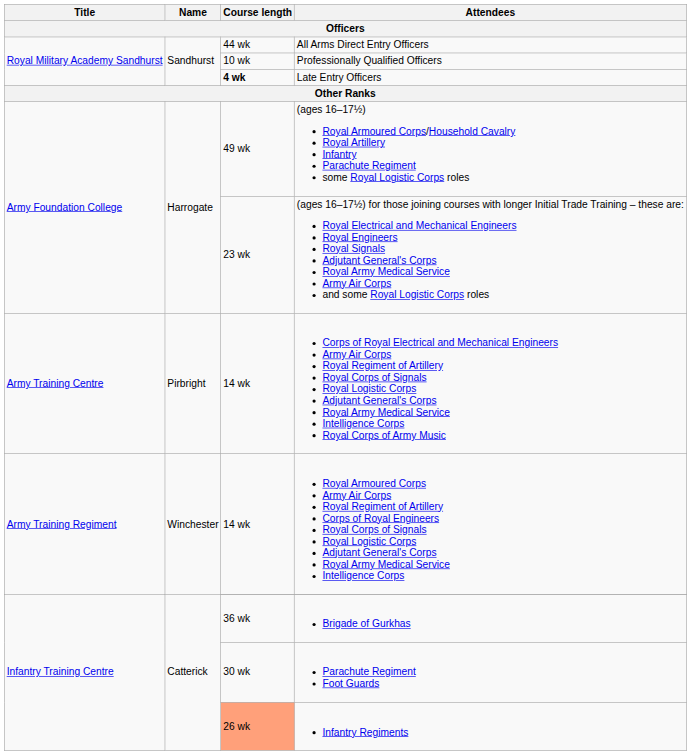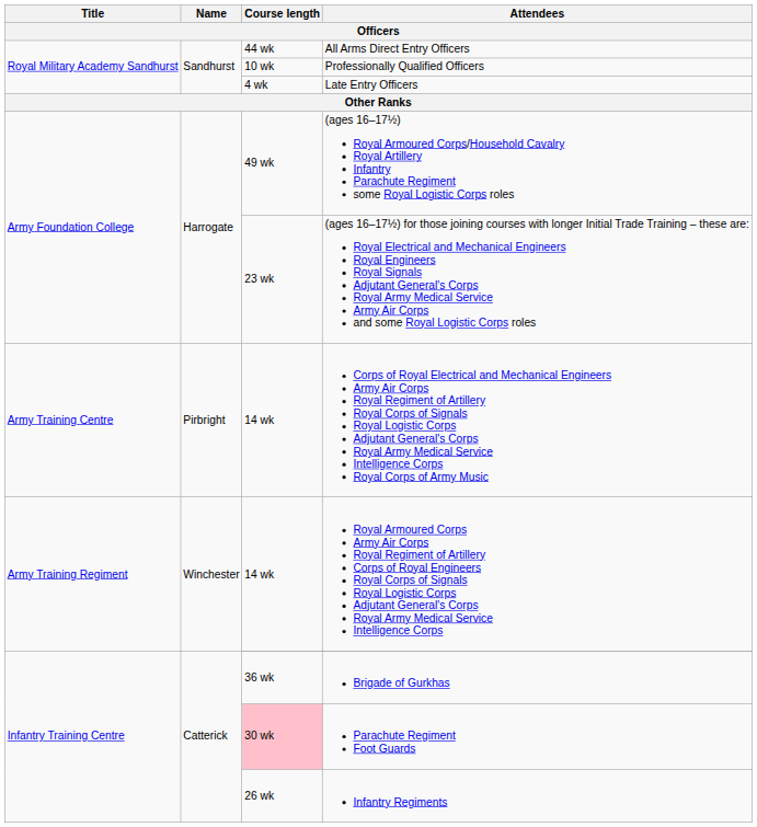 <table class="wikitable">
 <tr>
 <th>Title</th>
 <th>Name</th>
 <th>Course length</th>
 <th>Attendees</th>
 </tr>
 <tr>
 <th colspan=4 align=center>Officers</th>
 </tr>
 <tr>
 <td rowspan=3><a href='#'>Royal Military Academy Sandhurst</a></td>
 <td rowspan=3>Sandhurst</td>
 <td>44 wk</td>
 <td>All Arms Direct Entry Officers</td>
 </tr>
 <tr>
 <td>10 wk</td>
 <td>Professionally Qualified Officers</td>
 </tr>
 <tr>
-<td><strong>4 wk</strong></td>
+<td>4 wk</td>
 <td>Late Entry Officers</td>
 </tr>
 <tr>
 <th colspan=4 align=center>Other Ranks</th>
 </tr>
 <tr>
 <td rowspan=2><a href='#'>Army Foundation College</a></td>
 <td rowspan=2>Harrogate</td>
 <td>49 wk</td>
 <td>(ages 16–17½)<br><ul><li><a href='#'>Royal Armoured Corps</a>/<a href='#'>Household Cavalry</a></li><li><a href='#'>Royal Artillery</a></li><li><a href='#'>Infantry</a></li><li><a href='#'>Parachute Regiment</a></li><li>some <a href='#'>Royal Logistic Corps</a> roles</li></ul></td>
 </tr>
 <tr>
 <td>23 wk</td>
 <td>(ages 16–17½) for those joining courses with longer Initial Trade Training – these are:<br><ul><li><a href='#'>Royal Electrical and Mechanical Engineers</a></li><li><a href='#'>Royal Engineers</a></li><li><a href='#'>Royal Signals</a></li><li><a href='#'>Adjutant General's Corps</a></li><li><a href='#'>Royal Army Medical Service</a></li><li><a href='#'>Army Air Corps</a></li><li>and some <a href='#'>Royal Logistic Corps</a> roles</li></ul></td>
 </tr>
 <tr>
 <td><a href='#'>Army Training Centre</a></td>
 <td>Pirbright</td>
 <td>14 wk</td>
 <td><br><ul><li><a href='#'>Corps of Royal Electrical and Mechanical Engineers</a></li><li><a href='#'>Army Air Corps</a></li><li><a href='#'>Royal Regiment of Artillery</a></li><li><a href='#'>Royal Corps of Signals</a></li><li><a href='#'>Royal Logistic Corps</a></li><li><a href='#'>Adjutant General's Corps</a></li><li><a href='#'>Royal Army Medical Service</a></li><li><a href='#'>Intelligence Corps</a></li><li><a href='#'>Royal Corps of Army Music</a></li></ul></td>
 </tr>
 <tr>
 <td><a href='#'>Army Training Regiment</a></td>
 <td>Winchester</td>
 <td>14 wk</td>
 <td><br><ul><li><a href='#'>Royal Armoured Corps</a></li><li><a href='#'>Army Air Corps</a></li><li><a href='#'>Royal Regiment of Artillery</a></li><li><a href='#'>Corps of Royal Engineers</a></li><li><a href='#'>Royal Corps of Signals</a></li><li><a href='#'>Royal Logistic Corps</a></li><li><a href='#'>Adjutant General's Corps</a></li><li><a href='#'>Royal Army Medical Service</a></li><li><a href='#'>Intelligence Corps</a></li></ul></td>
 </tr>
 <tr>
 <td rowspan=4><a href='#'>Infantry Training Centre</a></td>
 <td rowspan=4>Catterick</td>
 </tr>
 <tr>
 <td>36 wk</td>
 <td><br><ul><li><a href='#'>Brigade of Gurkhas</a></li></ul></td>
 </tr>
 <tr>
-<td>30 wk</td>
+<td style="background: pink;">30 wk</td>
 <td><br><ul><li><a href='#'>Parachute Regiment</a></li><li><a href='#'>Foot Guards</a></li></ul></td>
 </tr>
 <tr>
-<td style="background: lightsalmon;">26 wk</td>
+<td>26 wk</td>
 <td><br><ul><li><a href='#'>Infantry Regiments</a></li></ul></td>
 </tr>
 </table>
